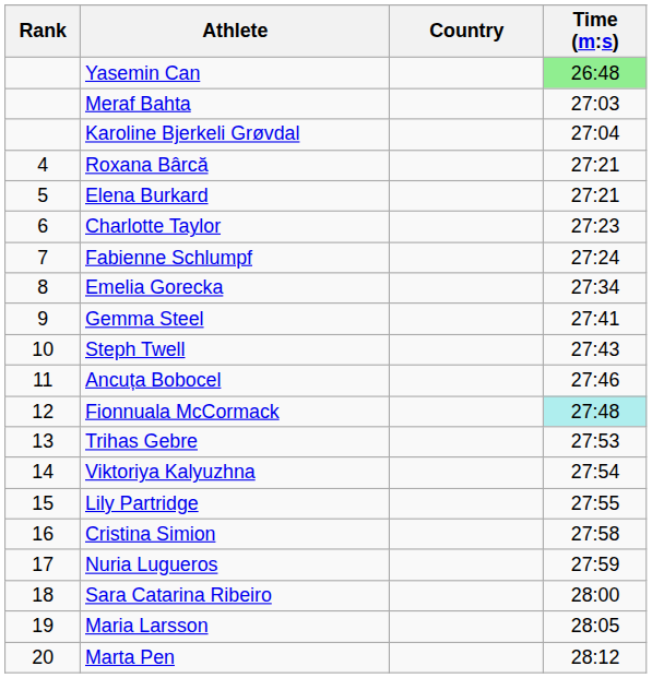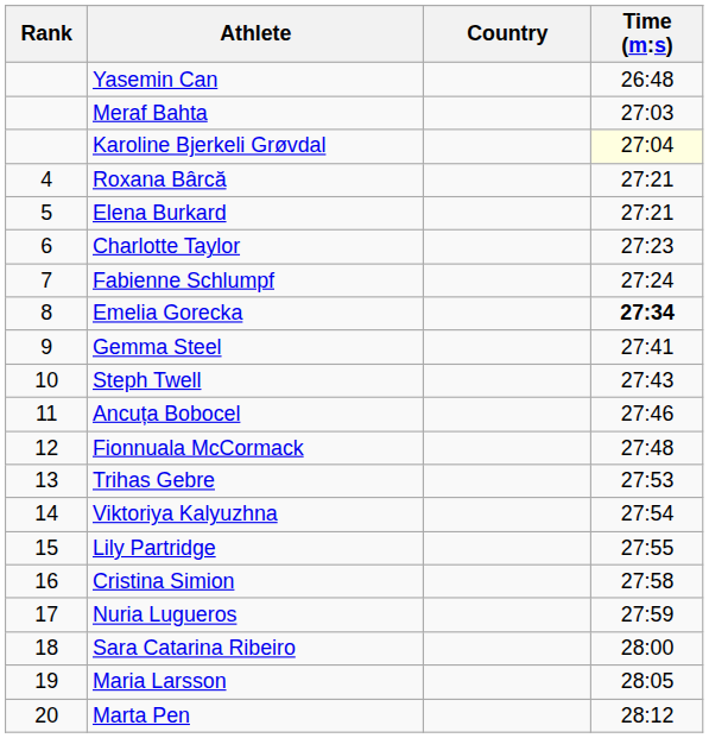 <table class="wikitable" style="text-align:center;" width="60%">
 <tr>
 </tr>
 <tr>
 <th width=5%>Rank</th>
 <th width=30%>Athlete</th>
 <th width=15%>Country</th>
 <th width=10%>Time (<a href='#'>m</a>:<a href='#'>s</a>)</th>
 </tr>
 <tr>
 <td></td>
 <td align=left><a href='#'>Yasemin Can</a></td>
 <td align=left></td>
-<td style="background: lightgreen;">26:48</td>
+<td>26:48</td>
 </tr>
 <tr>
 <td></td>
 <td align=left><a href='#'>Meraf Bahta</a></td>
 <td align=left></td>
 <td>27:03</td>
 </tr>
 <tr>
 <td></td>
 <td align=left><a href='#'>Karoline Bjerkeli Grøvdal</a></td>
 <td align=left></td>
-<td>27:04</td>
+<td style="background: lightyellow;">27:04</td>
 </tr>
 <tr>
 <td>4</td>
 <td align=left><a href='#'>Roxana Bârcă</a></td>
 <td align=left></td>
 <td>27:21</td>
 </tr>
 <tr>
 <td>5</td>
 <td align=left><a href='#'>Elena Burkard</a></td>
 <td align=left></td>
 <td>27:21</td>
 </tr>
 <tr>
 <td>6</td>
 <td align=left><a href='#'>Charlotte Taylor</a></td>
 <td align=left></td>
 <td>27:23</td>
 </tr>
 <tr>
 <td>7</td>
 <td align=left><a href='#'>Fabienne Schlumpf</a></td>
 <td align=left></td>
 <td>27:24</td>
 </tr>
 <tr>
 <td>8</td>
 <td align=left><a href='#'>Emelia Gorecka</a></td>
 <td align=left></td>
-<td>27:34</td>
+<td><strong>27:34</strong></td>
 </tr>
 <tr>
 <td>9</td>
 <td align=left><a href='#'>Gemma Steel</a></td>
 <td align=left></td>
 <td>27:41</td>
 </tr>
 <tr>
 <td>10</td>
 <td align=left><a href='#'>Steph Twell</a></td>
 <td align=left></td>
 <td>27:43</td>
 </tr>
 <tr>
 <td>11</td>
 <td align=left><a href='#'>Ancuța Bobocel</a></td>
 <td align=left></td>
 <td>27:46</td>
 </tr>
 <tr>
 <td>12</td>
 <td align=left><a href='#'>Fionnuala McCormack</a></td>
 <td align=left></td>
-<td style="background: paleturquoise;">27:48</td>
+<td>27:48</td>
 </tr>
 <tr>
 <td>13</td>
 <td align=left><a href='#'>Trihas Gebre</a></td>
 <td align=left></td>
 <td>27:53</td>
 </tr>
 <tr>
 <td>14</td>
 <td align=left><a href='#'>Viktoriya Kalyuzhna</a></td>
 <td align=left></td>
 <td>27:54</td>
 </tr>
 <tr>
 <td>15</td>
 <td align=left><a href='#'>Lily Partridge</a></td>
 <td align=left></td>
 <td>27:55</td>
 </tr>
 <tr>
 <td>16</td>
 <td align=left><a href='#'>Cristina Simion</a></td>
 <td align=left></td>
 <td>27:58</td>
 </tr>
 <tr>
 <td>17</td>
 <td align=left><a href='#'>Nuria Lugueros</a></td>
 <td align=left></td>
 <td>27:59</td>
 </tr>
 <tr>
 <td>18</td>
 <td align=left><a href='#'>Sara Catarina Ribeiro</a></td>
 <td align=left></td>
 <td>28:00</td>
 </tr>
 <tr>
 <td>19</td>
 <td align=left><a href='#'>Maria Larsson</a></td>
 <td align=left></td>
 <td>28:05</td>
 </tr>
 <tr>
 <td>20</td>
 <td align=left><a href='#'>Marta Pen</a></td>
 <td align=left></td>
 <td>28:12</td>
 </tr>
 </table>
